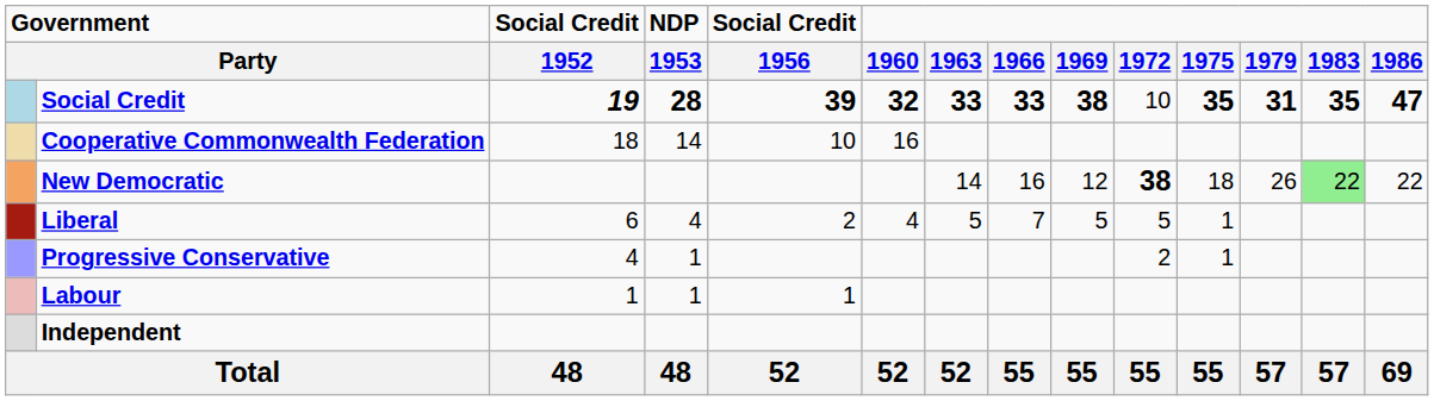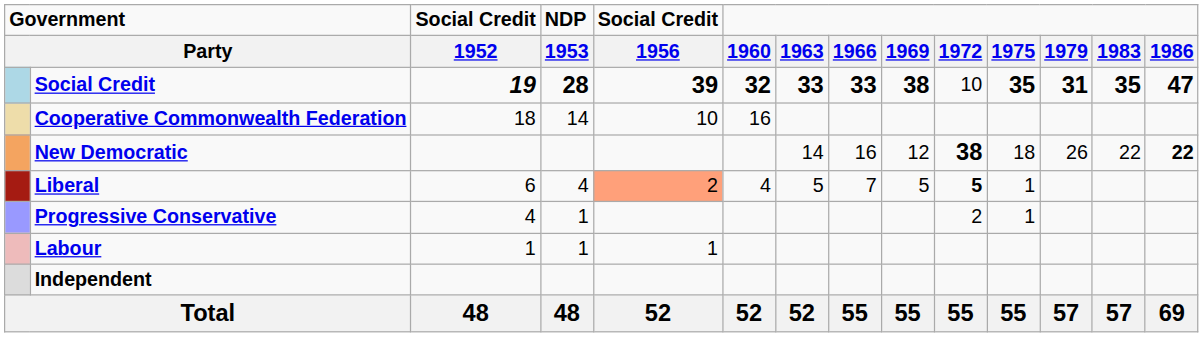 <table class="wikitable">
 <tr>
 <td colspan = "2"><strong>Government</strong></td>
 <td><strong>Social Credit</strong></td>
 <td><strong>NDP</strong></td>
 <td><strong>Social Credit</strong></td>
 </tr>
 <tr>
 <th colspan = "2">Party</th>
 <th><a href='#'>1952</a></th>
 <th><a href='#'>1953</a></th>
 <th><a href='#'>1956</a></th>
 <th><a href='#'>1960</a></th>
 <th><a href='#'>1963</a></th>
 <th><a href='#'>1966</a></th>
 <th><a href='#'>1969</a></th>
 <th><a href='#'>1972</a></th>
 <th><a href='#'>1975</a></th>
 <th><a href='#'>1979</a></th>
 <th><a href='#'>1983</a></th>
 <th><a href='#'>1986</a></th>
 </tr>
 <tr align = "right">
 <td bgcolor="#ADD8E6">   </td>
 <td align="left"><strong><a href='#'>Social Credit</a></strong></td>
 <td><strong><em><big>19</big></em></strong></td>
 <td><strong><big>28</big></strong></td>
 <td><strong><big>39</big></strong></td>
 <td><strong><big>32</big></strong></td>
 <td><strong><big>33</big></strong></td>
 <td><strong><big>33</big></strong></td>
 <td><strong><big>38</big></strong></td>
 <td>10</td>
 <td><strong><big>35</big></strong></td>
 <td><strong><big>31</big></strong></td>
 <td><strong><big>35</big></strong></td>
 <td><strong><big>47</big></strong></td>
 </tr>
 <tr align = "right">
 <td bgcolor="#EEDDAA">   </td>
 <td align="left"><strong><a href='#'>Cooperative Commonwealth Federation</a></strong></td>
 <td>18</td>
 <td>14</td>
 <td>10</td>
 <td>16</td>
 <td></td>
 <td></td>
 <td></td>
 <td></td>
 <td></td>
 <td></td>
 <td></td>
 </tr>
 <tr align = "right">
 <td bgcolor="#F4A460">   </td>
 <td align="left"><strong><a href='#'>New Democratic</a></strong></td>
 <td></td>
 <td></td>
 <td></td>
 <td></td>
 <td>14</td>
 <td>16</td>
 <td>12</td>
 <td><strong><big>38</big></strong></td>
 <td>18</td>
 <td>26</td>
-<td style="background: lightgreen;">22</td>
 <td>22</td>
+<td><strong>22</strong></td>
 </tr>
 <tr align = "right">
 <td bgcolor="#A51B12">   </td>
 <td align="left"><strong><a href='#'>Liberal</a></strong></td>
 <td>6</td>
 <td>4</td>
-<td>2</td>
+<td style="background: lightsalmon;">2</td>
 <td>4</td>
 <td>5</td>
 <td>7</td>
 <td>5</td>
-<td>5</td>
+<td><strong>5</strong></td>
 <td>1</td>
 <td></td>
 <td></td>
 <td></td>
 </tr>
 <tr align = "right">
 <td bgcolor="#9999FF">   </td>
 <td align="left"><strong><a href='#'>Progressive Conservative</a></strong></td>
 <td>4</td>
 <td>1</td>
 <td></td>
 <td></td>
 <td></td>
 <td></td>
 <td></td>
 <td>2</td>
 <td>1</td>
 <td></td>
 <td></td>
 <td></td>
 </tr>
 <tr align = "right">
 <td bgcolor="#EEBBBB">   </td>
 <td align="left"><strong><a href='#'>Labour</a></strong></td>
 <td>1</td>
 <td>1</td>
 <td>1</td>
 <td></td>
 <td></td>
 <td></td>
 <td></td>
 <td></td>
 <td></td>
 <td></td>
 <td></td>
 <td></td>
 </tr>
 <tr align = "right">
 <td bgcolor="#DCDCDC">   </td>
 <td align="left"><strong>Independent</strong></td>
 <td></td>
 <td></td>
 <td></td>
 <td></td>
 <td></td>
 <td></td>
 <td></td>
 <td></td>
 <td></td>
 <td></td>
 <td></td>
 <td></td>
 </tr>
 <tr align = "right">
 <th colspan="2" align="left"><strong><big>Total</big></strong></th>
 <th><big>48</big></th>
 <th><big>48</big></th>
 <th><big>52</big></th>
 <th><big>52</big></th>
 <th><big>52</big></th>
 <th><big>55</big></th>
 <th><big>55</big></th>
 <th><big>55</big></th>
 <th><big>55</big></th>
 <th><big>57</big></th>
 <th><big>57</big></th>
 <th><big>69</big></th>
 </tr>
 </table>
